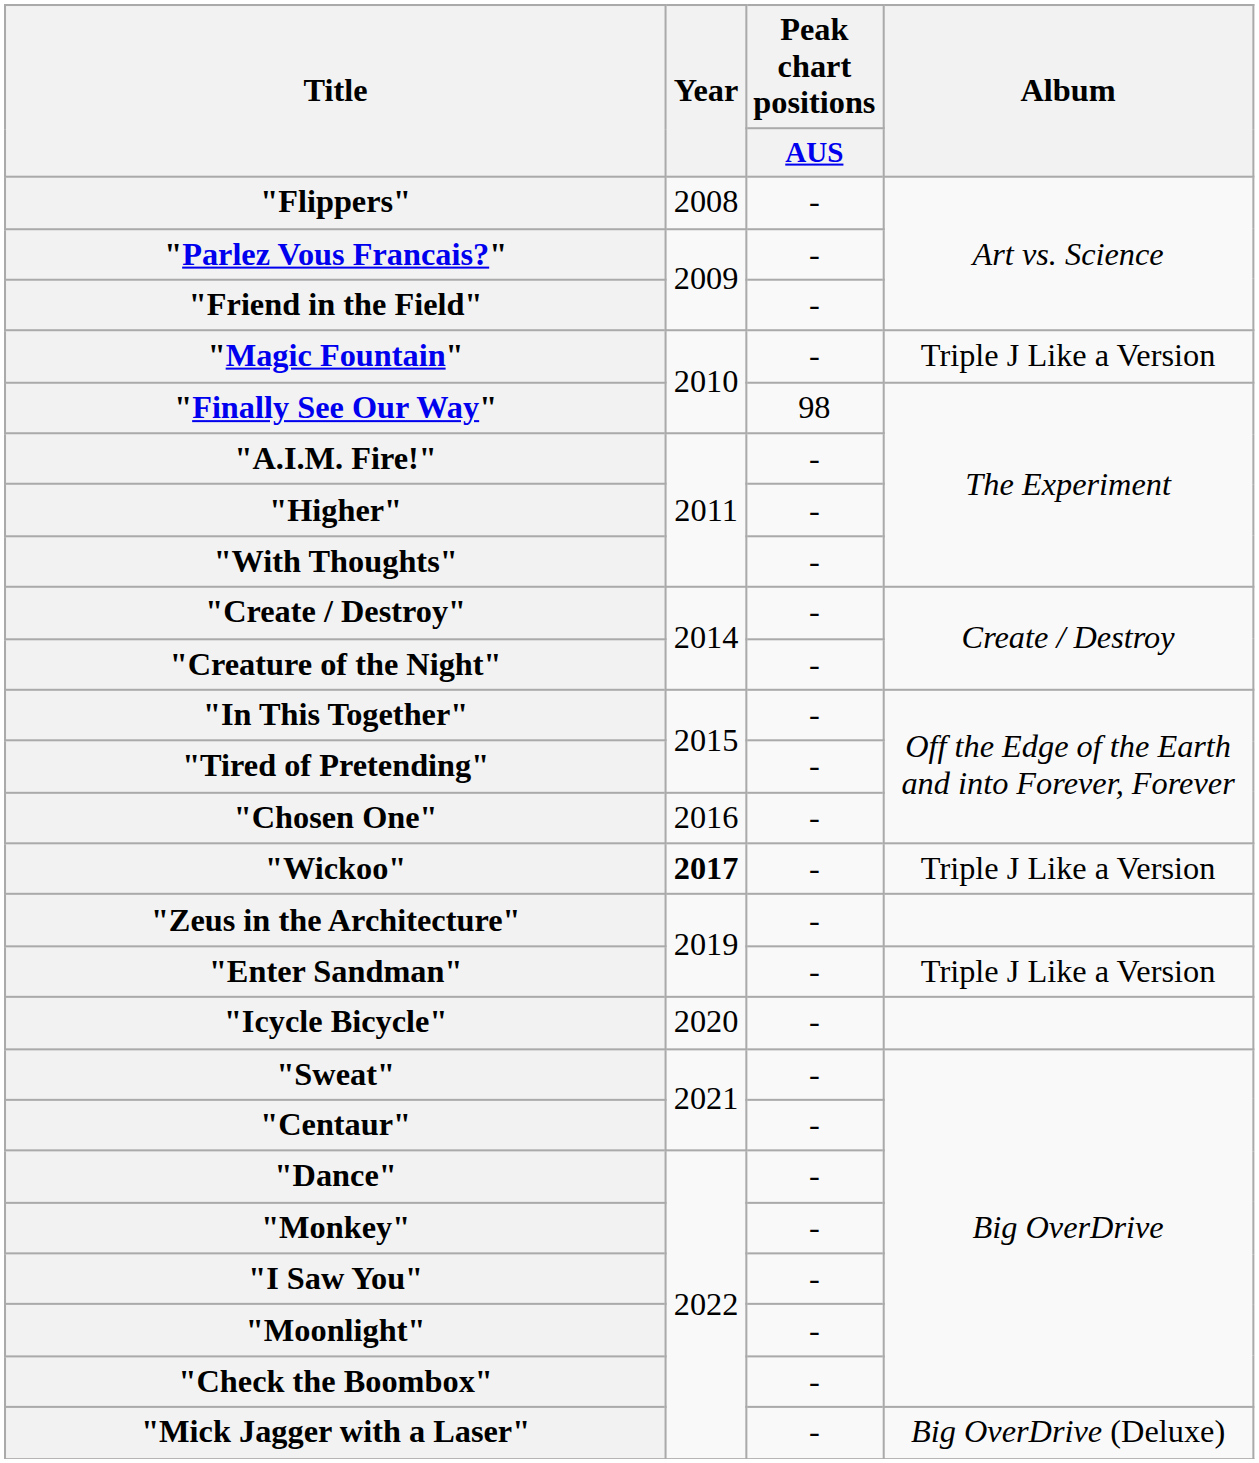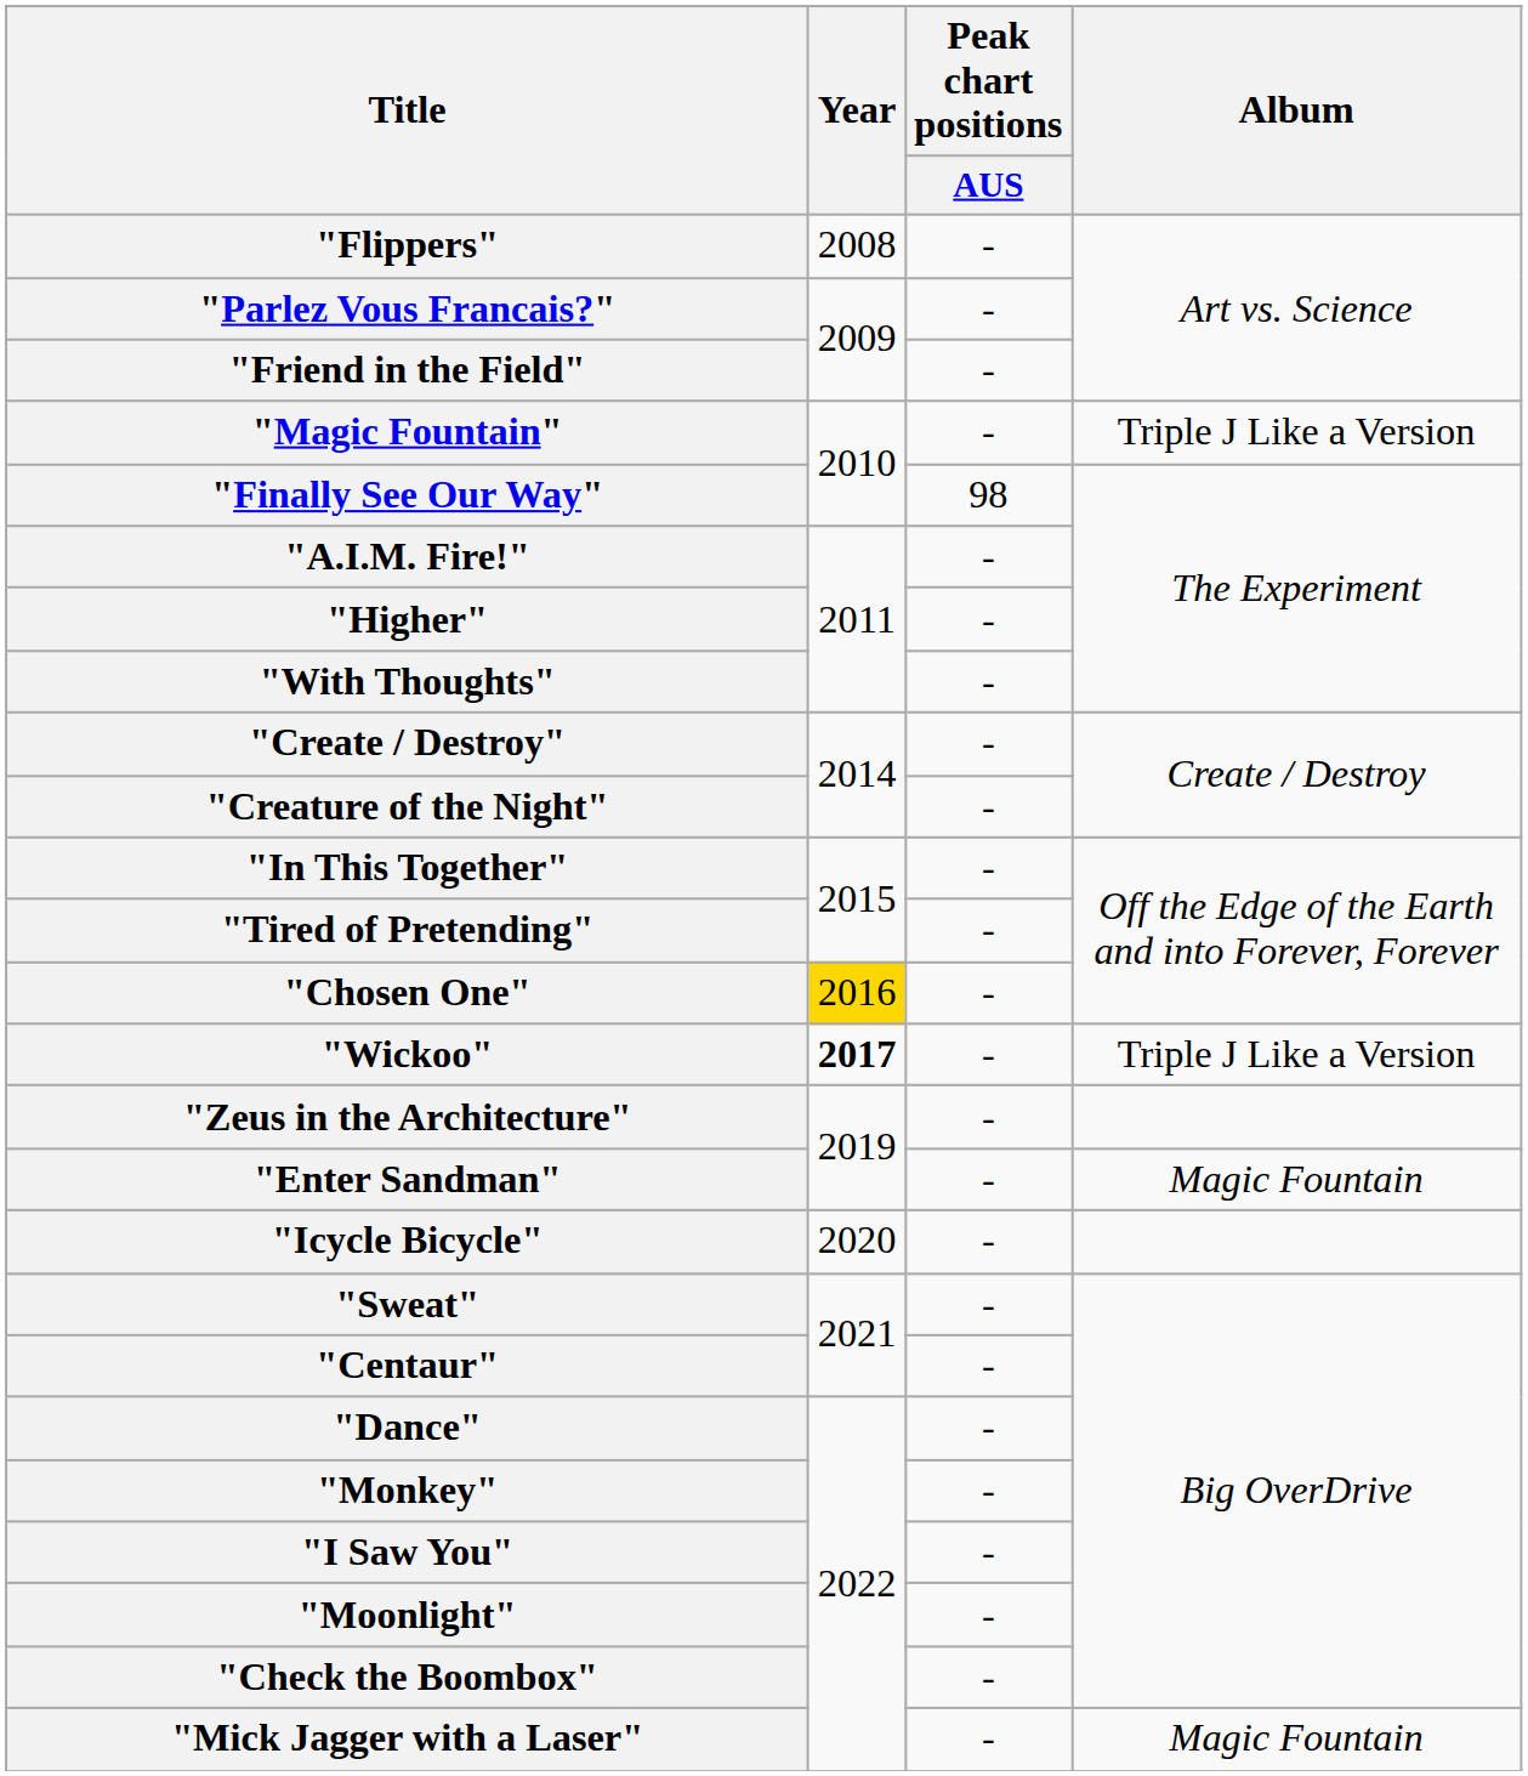 <table class="wikitable plainrowheaders" style="text-align:center;">
 <tr>
 <th scope="col" rowspan="2" style="width:20em;">Title</th>
 <th scope="col" rowspan="2" style="width:1em;">Year</th>
 <th scope="col">Peak chart positions</th>
 <th scope="col" rowspan="2" style="width:11em;">Album</th>
 </tr>
 <tr>
 <th scope="col" style="width:3em;font-size:90%;"><a href='#'>AUS</a></th>
 </tr>
 <tr>
 <th scope="row">"Flippers"</th>
 <td>2008</td>
 <td>-</td>
 <td rowspan="3"><em>Art vs. Science</em></td>
 </tr>
 <tr>
 <th scope="row">"<a href='#'>Parlez Vous Francais?</a>"</th>
 <td rowspan="2">2009</td>
 <td>-</td>
 </tr>
 <tr>
 <th scope="row">"Friend in the Field"</th>
 <td>-</td>
 </tr>
 <tr>
 <th scope="row">"<a href='#'>Magic Fountain</a>"</th>
 <td rowspan="2">2010</td>
 <td>-</td>
 <td>Triple J Like a Version</td>
 </tr>
 <tr>
 <th scope="row">"<a href='#'>Finally See Our Way</a>"</th>
 <td>98</td>
 <td rowspan="4"><em>The Experiment</em></td>
 </tr>
 <tr>
 <th scope="row">"A.I.M. Fire!"</th>
 <td rowspan="3">2011</td>
 <td>-</td>
 </tr>
 <tr>
 <th scope="row">"Higher"</th>
 <td>-</td>
 </tr>
 <tr>
 <th scope="row">"With Thoughts"</th>
 <td>-</td>
 </tr>
 <tr>
 <th scope="row">"Create / Destroy"</th>
 <td rowspan="2">2014</td>
 <td>-</td>
 <td rowspan="2"><em>Create / Destroy</em></td>
 </tr>
 <tr>
 <th scope="row">"Creature of the Night"</th>
 <td>-</td>
 </tr>
 <tr>
 <th scope="row">"In This Together"</th>
 <td rowspan="2">2015</td>
 <td>-</td>
 <td rowspan="3"><em>Off the Edge of the Earth and into Forever, Forever</em></td>
 </tr>
 <tr>
 <th scope="row">"Tired of Pretending"</th>
 <td>-</td>
 </tr>
 <tr>
 <th scope="row">"Chosen One"</th>
-<td>2016</td>
+<td style="background: gold;">2016</td>
 <td>-</td>
 </tr>
 <tr>
 <th scope="row">"Wickoo"</th>
 <td><strong>2017</strong></td>
 <td>-</td>
 <td>Triple J Like a Version</td>
 </tr>
 <tr>
 <th scope="row">"Zeus in the Architecture"</th>
 <td rowspan="2">2019</td>
 <td>-</td>
 </tr>
 <tr>
 <th scope="row">"Enter Sandman"</th>
 <td>-</td>
-<td>Triple J Like a Version</td>
+<td><em>Magic Fountain</em></td>
 </tr>
 <tr>
 <th scope="row">"Icycle Bicycle"</th>
 <td>2020</td>
 <td>-</td>
 <td></td>
 </tr>
 <tr>
 <th scope="row">"Sweat"</th>
 <td rowspan="2">2021</td>
 <td>-</td>
 <td rowspan="7"><em>Big OverDrive</em></td>
 </tr>
 <tr>
 <th scope="row">"Centaur" </th>
 <td>-</td>
 </tr>
 <tr>
 <th scope="row">"Dance"</th>
 <td rowspan="6">2022</td>
 <td>-</td>
 </tr>
 <tr>
 <th scope="row">"Monkey"</th>
 <td>-</td>
 </tr>
 <tr>
 <th scope="row">"I Saw You"</th>
 <td>-</td>
 </tr>
 <tr>
 <th scope="row">"Moonlight"</th>
 <td>-</td>
 </tr>
 <tr>
 <th scope="row">"Check the Boombox"</th>
 <td>-</td>
 </tr>
 <tr>
 <th scope="row">"Mick Jagger with a Laser"</th>
 <td>-</td>
-<td rowspan="1"><em>Big OverDrive</em> (Deluxe)</td>
+<td><em>Magic Fountain</em></td>
 </tr>
 <tr>
 </tr>
 </table>
